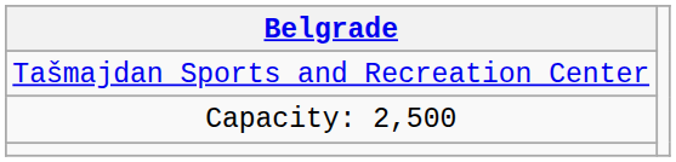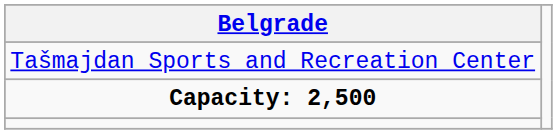 <table class="wikitable" style="text-align:center">
 <tr>
 <th><a href='#'>Belgrade</a></th>
 <td rowspan=4></td>
 </tr>
 <tr>
 <td><a href='#'>Tašmajdan Sports and Recreation Center</a></td>
 </tr>
 <tr>
-<td>Capacity: 2,500</td>
+<td><strong>Capacity: 2,500</strong></td>
 </tr>
 <tr>
 <td></td>
 </tr>
 </table>
